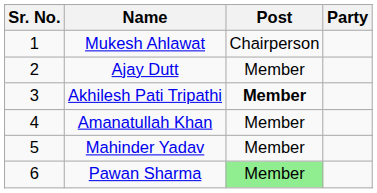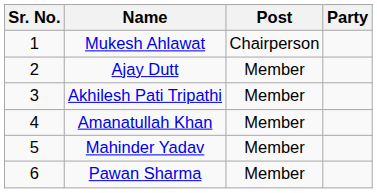 <table class="wikitable sortable">
 <tr>
 <th>Sr. No.</th>
 <th>Name</th>
 <th>Post</th>
 <th colspan="2">Party</th>
 </tr>
 <tr align="center">
 <td>1</td>
 <td><a href='#'>Mukesh Ahlawat</a></td>
 <td>Chairperson</td>
 <td></td>
 </tr>
 <tr align="center">
 <td>2</td>
 <td><a href='#'>Ajay Dutt</a></td>
 <td>Member</td>
 <td></td>
 </tr>
 <tr align="center">
 <td>3</td>
 <td><a href='#'>Akhilesh Pati Tripathi</a></td>
-<td><strong>Member</strong></td>
+<td>Member</td>
 <td></td>
 </tr>
 <tr align="center">
 <td>4</td>
 <td><a href='#'>Amanatullah Khan</a></td>
 <td>Member</td>
 <td></td>
 </tr>
 <tr align="center">
 <td>5</td>
 <td><a href='#'>Mahinder Yadav</a></td>
 <td>Member</td>
 <td></td>
 </tr>
 <tr align="center">
 <td>6</td>
 <td><a href='#'>Pawan Sharma</a></td>
-<td style="background: lightgreen;">Member</td>
+<td>Member</td>
 <td></td>
 </tr>
 </table>
